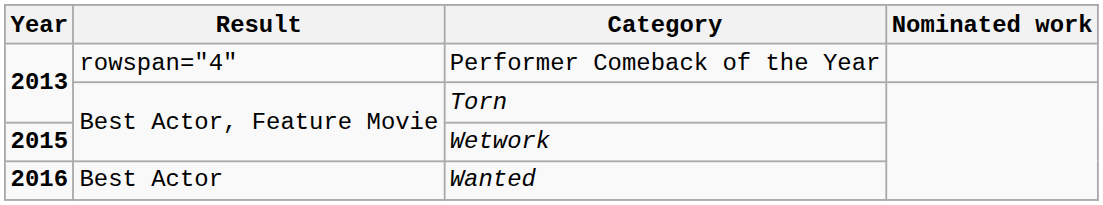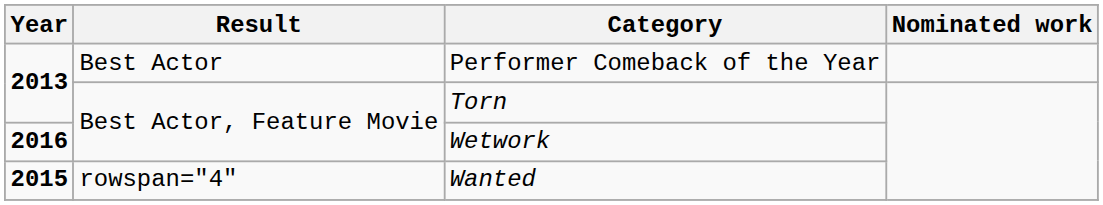 <table class="wikitable">
 <tr>
 <th>Year</th>
 <th>Result</th>
 <th>Category</th>
 <th>Nominated work</th>
 </tr>
 <tr>
 <td rowspan="2"><strong>2013</strong></td>
-<td>rowspan="4" </td>
+<td>Best Actor</td>
 <td>Performer Comeback of the Year</td>
 <td></td>
 </tr>
 <tr>
 <td rowspan="2">Best Actor, Feature Movie</td>
 <td><em>Torn</em></td>
 </tr>
 <tr>
-<td><strong>2015</strong></td>
+<td><strong>2016</strong></td>
 <td><em>Wetwork</em></td>
 </tr>
 <tr>
-<td><strong>2016</strong></td>
-<td>Best Actor</td>
+<td><strong>2015</strong></td>
+<td>rowspan="4" </td>
 <td><em>Wanted</em></td>
 </tr>
 </table>
